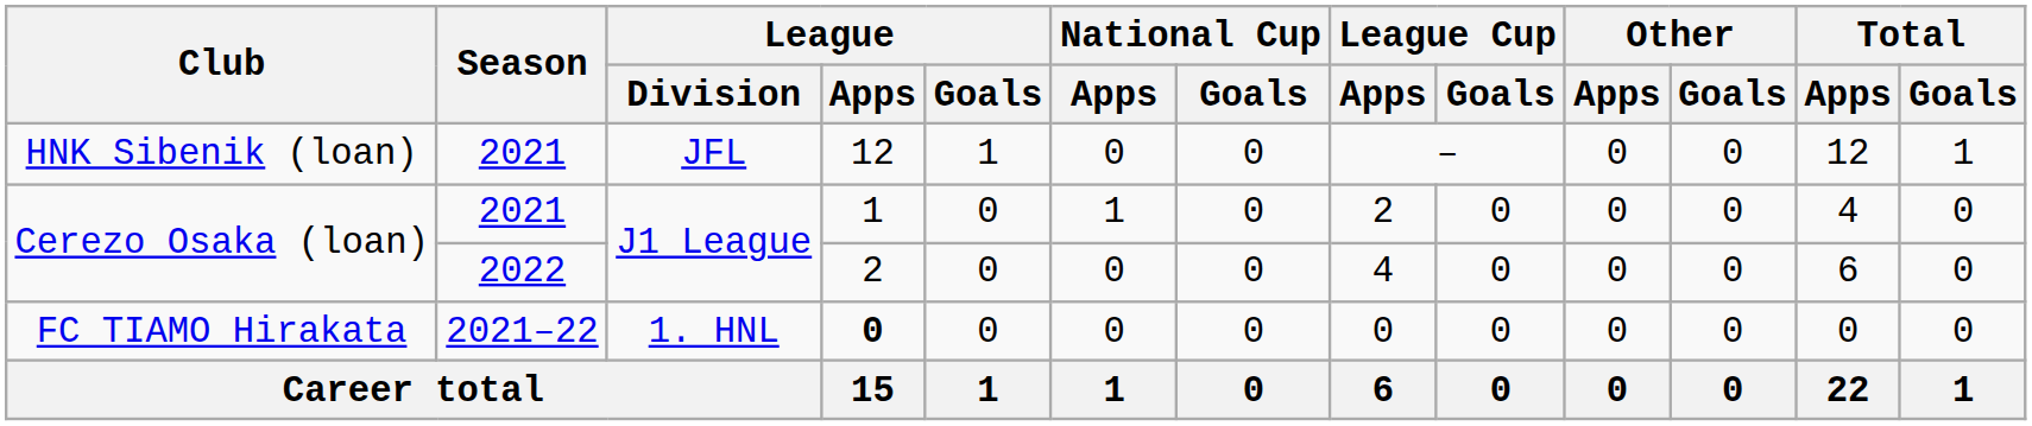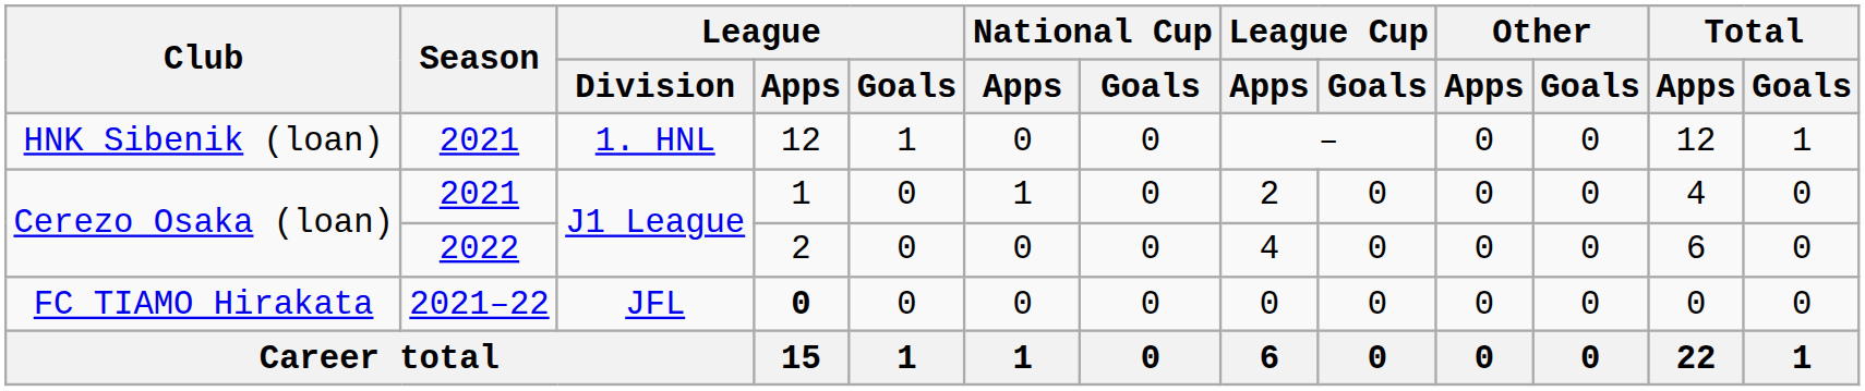 <table class="wikitable" style="text-align:center">
 <tr>
 <th rowspan="2">Club</th>
 <th rowspan="2">Season</th>
 <th colspan="3">League</th>
 <th colspan="2">National Cup</th>
 <th colspan="2">League Cup</th>
 <th colspan="2">Other</th>
 <th colspan="2">Total</th>
 </tr>
 <tr>
 <th>Division</th>
 <th>Apps</th>
 <th>Goals</th>
 <th>Apps</th>
 <th>Goals</th>
 <th>Apps</th>
 <th>Goals</th>
 <th>Apps</th>
 <th>Goals</th>
 <th>Apps</th>
 <th>Goals</th>
 </tr>
 <tr>
 <td><a href='#'>HNK Sibenik</a> (loan)</td>
 <td><a href='#'>2021</a></td>
-<td><a href='#'>JFL</a></td>
+<td><a href='#'>1. HNL</a></td>
 <td>12</td>
 <td>1</td>
 <td>0</td>
 <td>0</td>
 <td colspan="2">–</td>
 <td>0</td>
 <td>0</td>
 <td>12</td>
 <td>1</td>
 </tr>
 <tr>
 <td rowspan="2"><a href='#'>Cerezo Osaka</a> (loan)</td>
 <td><a href='#'>2021</a></td>
 <td rowspan="2"><a href='#'>J1 League</a></td>
 <td>1</td>
 <td>0</td>
 <td>1</td>
 <td>0</td>
 <td>2</td>
 <td>0</td>
 <td>0</td>
 <td>0</td>
 <td>4</td>
 <td>0</td>
 </tr>
 <tr>
 <td><a href='#'>2022</a></td>
 <td>2</td>
 <td>0</td>
 <td>0</td>
 <td>0</td>
 <td>4</td>
 <td>0</td>
 <td>0</td>
 <td>0</td>
 <td>6</td>
 <td>0</td>
 </tr>
 <tr>
 <td><a href='#'>FC TIAMO Hirakata</a></td>
 <td><a href='#'>2021–22</a></td>
-<td><a href='#'>1. HNL</a></td>
+<td><a href='#'>JFL</a></td>
 <td><strong>0</strong></td>
 <td>0</td>
 <td>0</td>
 <td>0</td>
 <td>0</td>
 <td>0</td>
 <td>0</td>
 <td>0</td>
 <td>0</td>
 <td>0</td>
 </tr>
 <tr>
 <th colspan=3>Career total</th>
 <th>15</th>
 <th>1</th>
 <th>1</th>
 <th>0</th>
 <th>6</th>
 <th>0</th>
 <th>0</th>
 <th>0</th>
 <th>22</th>
 <th>1</th>
 </tr>
 </table>
